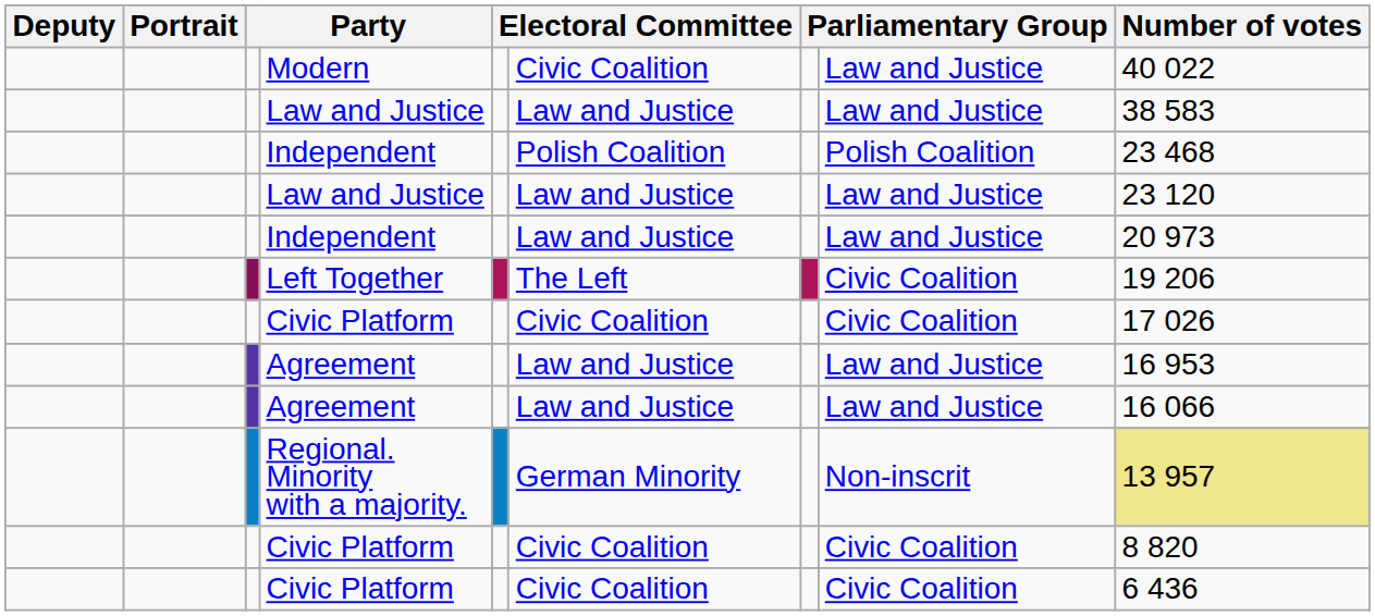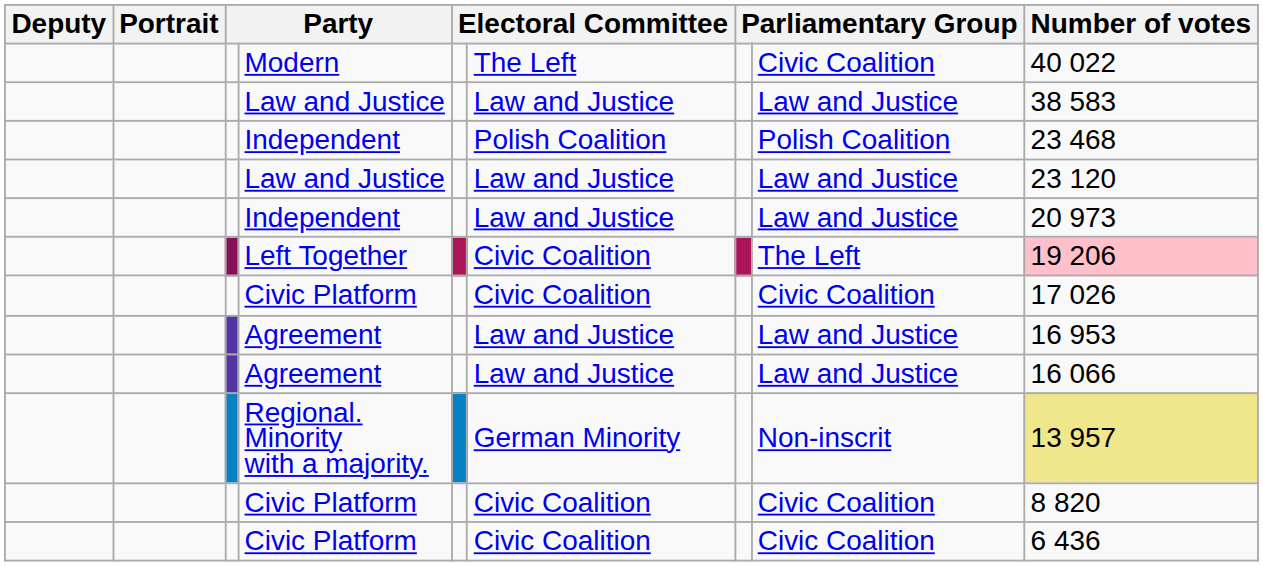 <table class="wikitable sortable" style="font-size:95%;line-height:14px;">
 <tr>
 <th>Deputy</th>
 <th>Portrait</th>
 <th colspan="2">Party</th>
 <th colspan="2">Electoral Committee</th>
 <th colspan="2">Parliamentary Group</th>
 <th>Number of votes</th>
 </tr>
 <tr>
 <td></td>
 <td></td>
 <td style="background:"></td>
 <td><a href='#'>Modern</a></td>
 <td style="background:"></td>
+<td><a href='#'>The Left</a></td>
+<td style="background:"></td>
 <td><a href='#'>Civic Coalition</a></td>
-<td style="background:"></td>
-<td><a href='#'>Law and Justice</a></td>
 <td>40 022</td>
 </tr>
 <tr>
 <td></td>
 <td></td>
 <td style="background:"></td>
 <td><a href='#'>Law and Justice</a></td>
 <td style="background:"></td>
 <td><a href='#'>Law and Justice</a></td>
 <td style="background:"></td>
 <td><a href='#'>Law and Justice</a></td>
 <td>38 583</td>
 </tr>
 <tr>
 <td></td>
 <td></td>
 <td style="background:"></td>
 <td><a href='#'>Independent</a></td>
 <td style="background:"></td>
 <td><a href='#'>Polish Coalition</a></td>
 <td style="background:"></td>
 <td><a href='#'>Polish Coalition</a></td>
 <td>23 468</td>
 </tr>
 <tr>
 <td></td>
 <td></td>
 <td style="background:"></td>
 <td><a href='#'>Law and Justice</a></td>
 <td style="background:"></td>
 <td><a href='#'>Law and Justice</a></td>
 <td style="background:"></td>
 <td><a href='#'>Law and Justice</a></td>
 <td>23 120</td>
 </tr>
 <tr>
 <td></td>
 <td></td>
 <td style="background:"></td>
 <td><a href='#'>Independent</a></td>
 <td style="background:"></td>
 <td><a href='#'>Law and Justice</a></td>
 <td style="background:"></td>
 <td><a href='#'>Law and Justice</a></td>
 <td>20 973</td>
 </tr>
 <tr>
 <td></td>
 <td></td>
 <td style="background:#870f57;"></td>
 <td><a href='#'>Left Together</a></td>
 <td style="background:#AC145A;"></td>
+<td><a href='#'>Civic Coalition</a></td>
+<td style="background:#AC145A;"></td>
 <td><a href='#'>The Left</a></td>
-<td style="background:#AC145A;"></td>
-<td><a href='#'>Civic Coalition</a></td>
-<td>19 206</td>
+<td style="background: pink;">19 206</td>
 </tr>
 <tr>
 <td></td>
 <td></td>
 <td style="background:"></td>
 <td><a href='#'>Civic Platform</a></td>
 <td style="background:"></td>
 <td><a href='#'>Civic Coalition</a></td>
 <td style="background:"></td>
 <td><a href='#'>Civic Coalition</a></td>
 <td>17 026</td>
 </tr>
 <tr>
 <td></td>
 <td></td>
 <td style="background:#5234A5;"></td>
 <td><a href='#'>Agreement</a></td>
 <td style="background:"></td>
 <td><a href='#'>Law and Justice</a></td>
 <td style="background:"></td>
 <td><a href='#'>Law and Justice</a></td>
 <td>16 953</td>
 </tr>
 <tr>
 <td></td>
 <td></td>
 <td style="background:#5234A5;"></td>
 <td><a href='#'>Agreement</a></td>
 <td style="background:"></td>
 <td><a href='#'>Law and Justice</a></td>
 <td style="background:"></td>
 <td><a href='#'>Law and Justice</a></td>
 <td>16 066</td>
 </tr>
 <tr>
 <td></td>
 <td></td>
 <td style="background:#0780C4;"></td>
 <td><a href='#'>Regional.<br>Minority<br>with a majority.</a></td>
 <td style="background:#0780C4;"></td>
 <td><a href='#'>German Minority</a></td>
 <td style="background:"></td>
 <td><a href='#'>Non-inscrit</a></td>
 <td style="background: khaki;">13 957</td>
 </tr>
 <tr>
 <td></td>
 <td></td>
 <td style="background:"></td>
 <td><a href='#'>Civic Platform</a></td>
 <td style="background:"></td>
 <td><a href='#'>Civic Coalition</a></td>
 <td style="background:"></td>
 <td><a href='#'>Civic Coalition</a></td>
 <td>8 820</td>
 </tr>
 <tr>
 <td></td>
 <td></td>
 <td style="background:"></td>
 <td><a href='#'>Civic Platform</a></td>
 <td style="background:"></td>
 <td><a href='#'>Civic Coalition</a></td>
 <td style="background:"></td>
 <td><a href='#'>Civic Coalition</a></td>
 <td>6 436</td>
 </tr>
 </table>
